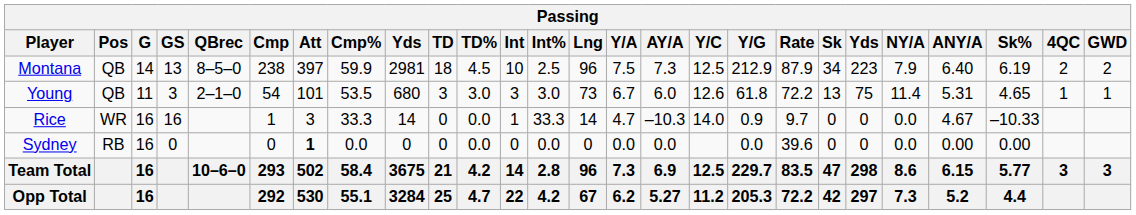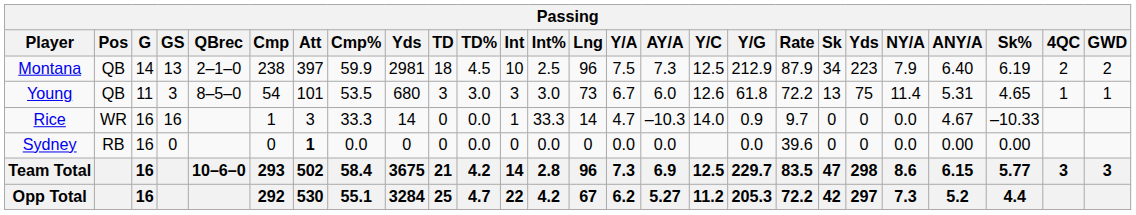 <table class="wikitable" style="text-align:center">
 <tr>
 <th colspan="26">Passing</th>
 </tr>
 <tr>
 <th>Player</th>
 <th>Pos</th>
 <th>G</th>
 <th>GS</th>
 <th>QBrec</th>
 <th>Cmp</th>
 <th>Att</th>
 <th>Cmp%</th>
 <th>Yds</th>
 <th>TD</th>
 <th>TD%</th>
 <th>Int</th>
 <th>Int%</th>
 <th>Lng</th>
 <th>Y/A</th>
 <th>AY/A</th>
 <th>Y/C</th>
 <th>Y/G</th>
 <th>Rate</th>
 <th>Sk</th>
 <th>Yds</th>
 <th>NY/A</th>
 <th>ANY/A</th>
 <th>Sk%</th>
 <th>4QC</th>
 <th>GWD</th>
 </tr>
 <tr>
 <td><a href='#'>Montana</a></td>
 <td>QB</td>
 <td>14</td>
 <td>13</td>
-<td>8–5–0</td>
+<td>2–1–0</td>
 <td>238</td>
 <td>397</td>
 <td>59.9</td>
 <td>2981</td>
 <td>18</td>
 <td>4.5</td>
 <td>10</td>
 <td>2.5</td>
 <td>96</td>
 <td>7.5</td>
 <td>7.3</td>
 <td>12.5</td>
 <td>212.9</td>
 <td>87.9</td>
 <td>34</td>
 <td>223</td>
 <td>7.9</td>
 <td>6.40</td>
 <td>6.19</td>
 <td>2</td>
 <td>2</td>
 </tr>
 <tr>
 <td><a href='#'>Young</a></td>
 <td>QB</td>
 <td>11</td>
 <td>3</td>
-<td>2–1–0</td>
+<td>8–5–0</td>
 <td>54</td>
 <td>101</td>
 <td>53.5</td>
 <td>680</td>
 <td>3</td>
 <td>3.0</td>
 <td>3</td>
 <td>3.0</td>
 <td>73</td>
 <td>6.7</td>
 <td>6.0</td>
 <td>12.6</td>
 <td>61.8</td>
 <td>72.2</td>
 <td>13</td>
 <td>75</td>
 <td>11.4</td>
 <td>5.31</td>
 <td>4.65</td>
 <td>1</td>
 <td>1</td>
 </tr>
 <tr>
 <td><a href='#'>Rice</a></td>
 <td>WR</td>
 <td>16</td>
 <td>16</td>
 <td></td>
 <td>1</td>
 <td>3</td>
 <td>33.3</td>
 <td>14</td>
 <td>0</td>
 <td>0.0</td>
 <td>1</td>
 <td>33.3</td>
 <td>14</td>
 <td>4.7</td>
 <td>–10.3</td>
 <td>14.0</td>
 <td>0.9</td>
 <td>9.7</td>
 <td>0</td>
 <td>0</td>
 <td>0.0</td>
 <td>4.67</td>
 <td>–10.33</td>
 <td></td>
 <td></td>
 </tr>
 <tr>
 <td><a href='#'>Sydney</a></td>
 <td>RB</td>
 <td>16</td>
 <td>0</td>
 <td></td>
 <td>0</td>
 <td><strong>1</strong></td>
 <td>0.0</td>
 <td>0</td>
 <td>0</td>
 <td>0.0</td>
 <td>0</td>
 <td>0.0</td>
 <td>0</td>
 <td>0.0</td>
 <td>0.0</td>
 <td></td>
 <td>0.0</td>
 <td>39.6</td>
 <td>0</td>
 <td>0</td>
 <td>0.0</td>
 <td>0.00</td>
 <td>0.00</td>
 <td></td>
 <td></td>
 </tr>
 <tr>
 <th>Team Total</th>
 <th></th>
 <th>16</th>
 <th></th>
 <th>10–6–0</th>
 <th>293</th>
 <th>502</th>
 <th>58.4</th>
 <th>3675</th>
 <th>21</th>
 <th>4.2</th>
 <th>14</th>
 <th>2.8</th>
 <th>96</th>
 <th>7.3</th>
 <th>6.9</th>
 <th>12.5</th>
 <th>229.7</th>
 <th>83.5</th>
 <th>47</th>
 <th>298</th>
 <th>8.6</th>
 <th>6.15</th>
 <th>5.77</th>
 <th>3</th>
 <th>3</th>
 </tr>
 <tr>
 <th>Opp Total</th>
 <th></th>
 <th>16</th>
 <th></th>
 <th></th>
 <th>292</th>
 <th>530</th>
 <th>55.1</th>
 <th>3284</th>
 <th>25</th>
 <th>4.7</th>
 <th>22</th>
 <th>4.2</th>
 <th>67</th>
 <th>6.2</th>
 <th>5.27</th>
 <th>11.2</th>
 <th>205.3</th>
 <th>72.2</th>
 <th>42</th>
 <th>297</th>
 <th>7.3</th>
 <th>5.2</th>
 <th>4.4</th>
 <th></th>
 <th></th>
 </tr>
 </table>
